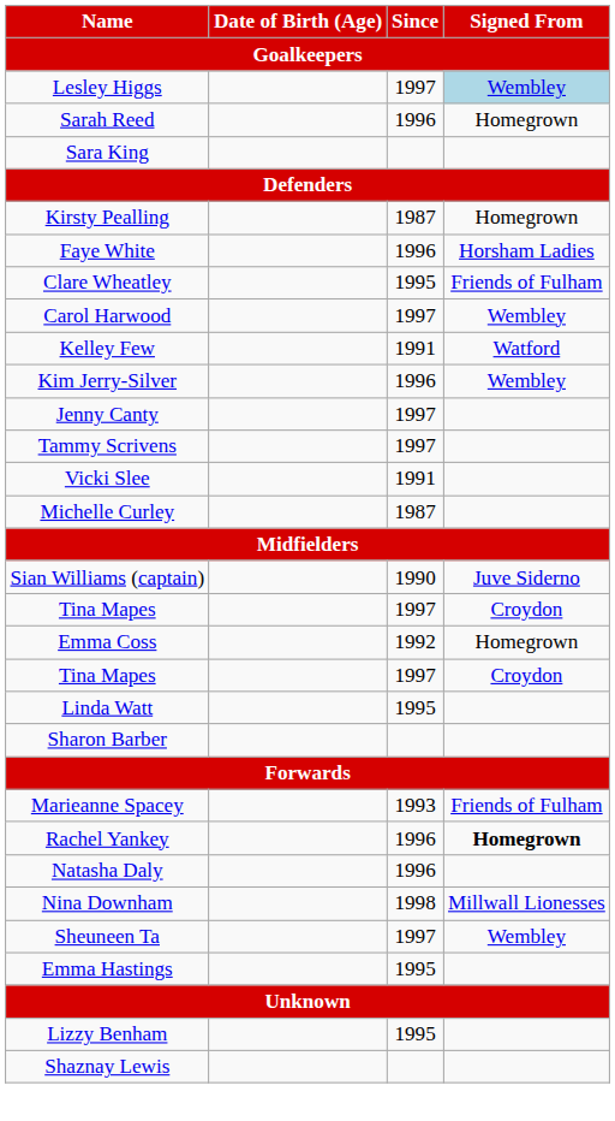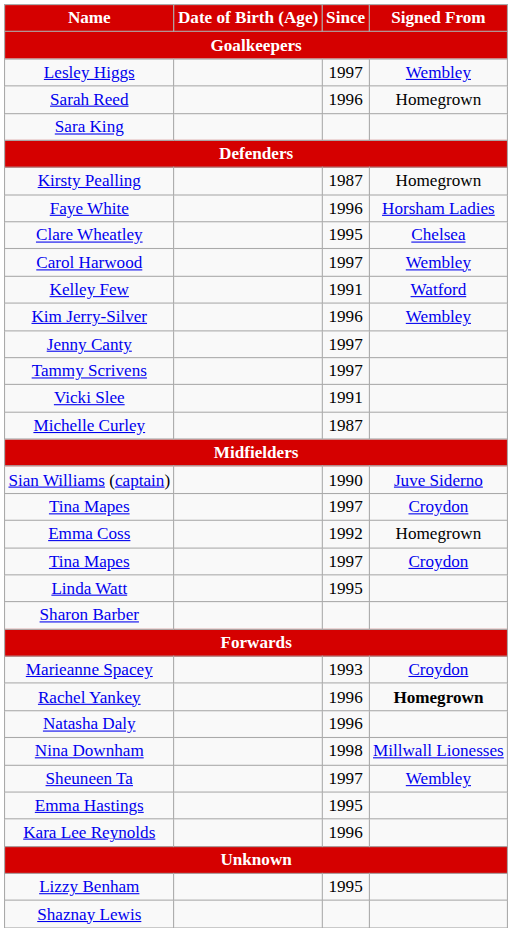 <table class="wikitable" style="text-align:center; font-size:100%; ">
 <tr>
 <th style="background:#d50000; color:white; text-align:center;">Name</th>
 <th style="background:#d50000; color:white; text-align:center;">Date of Birth (Age)</th>
 <th style="background:#d50000; color:white; text-align:center;">Since</th>
 <th style="background:#d50000; color:white; text-align:center;">Signed From</th>
 </tr>
 <tr>
 <th style="background:#d50000; color:white; text-align:center;" colspan="4">Goalkeepers</th>
 </tr>
 <tr>
 <td> <a href='#'>Lesley Higgs</a></td>
 <td></td>
 <td>1997</td>
-<td style="background: lightblue;"> <a href='#'>Wembley</a></td>
+<td> <a href='#'>Wembley</a></td>
 </tr>
 <tr>
 <td> <a href='#'>Sarah Reed</a></td>
 <td></td>
 <td>1996</td>
 <td>Homegrown</td>
 </tr>
 <tr>
 <td><a href='#'>Sara King</a></td>
 <td></td>
 <td></td>
 <td></td>
 </tr>
 <tr>
 <th style="background:#d50000; color:white; text-align:center;" colspan="4">Defenders</th>
 </tr>
 <tr>
 <td> <a href='#'>Kirsty Pealling</a></td>
 <td></td>
 <td>1987</td>
 <td>Homegrown</td>
 </tr>
 <tr>
 <td> <a href='#'>Faye White</a></td>
 <td></td>
 <td>1996</td>
 <td> <a href='#'>Horsham Ladies</a></td>
 </tr>
 <tr>
 <td> <a href='#'>Clare Wheatley</a></td>
 <td></td>
 <td>1995</td>
-<td><em></em> <a href='#'>Friends of Fulham</a></td>
+<td> <a href='#'>Chelsea</a></td>
 </tr>
 <tr>
 <td> <a href='#'>Carol Harwood</a></td>
 <td></td>
 <td>1997</td>
 <td> <a href='#'>Wembley</a></td>
 </tr>
 <tr>
 <td> <a href='#'>Kelley Few</a></td>
 <td></td>
 <td>1991</td>
 <td> <a href='#'>Watford</a></td>
 </tr>
 <tr>
 <td> <a href='#'>Kim Jerry-Silver</a></td>
 <td></td>
 <td>1996</td>
 <td> <a href='#'>Wembley</a></td>
 </tr>
 <tr>
 <td> <a href='#'>Jenny Canty</a></td>
 <td></td>
 <td>1997</td>
 <td></td>
 </tr>
 <tr>
 <td> <a href='#'>Tammy Scrivens</a></td>
 <td></td>
 <td>1997</td>
 <td></td>
 </tr>
 <tr>
 <td> <a href='#'>Vicki Slee</a></td>
 <td></td>
 <td>1991</td>
 <td></td>
 </tr>
 <tr>
 <td> <a href='#'>Michelle Curley</a></td>
 <td></td>
 <td>1987</td>
 <td></td>
 </tr>
 <tr>
 <th style="background:#d50000; color:white; text-align:center;" colspan="4">Midfielders</th>
 </tr>
 <tr>
 <td> <a href='#'>Sian Williams</a> (<a href='#'>captain</a>)</td>
 <td></td>
 <td>1990</td>
 <td> <a href='#'>Juve Siderno</a></td>
 </tr>
 <tr>
 <td> <a href='#'>Tina Mapes</a></td>
 <td></td>
 <td>1997</td>
 <td><em></em> <a href='#'>Croydon</a></td>
 </tr>
 <tr>
 <td> <a href='#'>Emma Coss</a></td>
 <td></td>
 <td>1992</td>
 <td>Homegrown</td>
 </tr>
 <tr>
 <td> <a href='#'>Tina Mapes</a></td>
 <td></td>
 <td>1997</td>
 <td><em></em> <a href='#'>Croydon</a></td>
 </tr>
 <tr>
 <td> <a href='#'>Linda Watt</a></td>
 <td></td>
 <td>1995</td>
 <td></td>
 </tr>
 <tr>
 <td> <a href='#'>Sharon Barber</a></td>
 <td></td>
 <td></td>
 <td></td>
 </tr>
 <tr>
 <th style="background:#d50000; color:white; text-align:center;" colspan="4">Forwards</th>
 </tr>
 <tr>
 <td> <a href='#'>Marieanne Spacey</a></td>
 <td></td>
 <td>1993</td>
-<td><em></em> <a href='#'>Friends of Fulham</a></td>
+<td><em></em> <a href='#'>Croydon</a></td>
 </tr>
 <tr>
 <td> <a href='#'>Rachel Yankey</a></td>
 <td></td>
 <td>1996</td>
 <td><strong>Homegrown</strong></td>
 </tr>
 <tr>
 <td> <a href='#'>Natasha Daly</a></td>
 <td></td>
 <td>1996</td>
 <td></td>
 </tr>
 <tr>
 <td> <a href='#'>Nina Downham</a></td>
 <td></td>
 <td>1998</td>
 <td><em></em> <a href='#'>Millwall Lionesses</a></td>
 </tr>
 <tr>
 <td> <a href='#'>Sheuneen Ta</a></td>
 <td></td>
 <td>1997</td>
 <td> <a href='#'>Wembley</a></td>
 </tr>
 <tr>
 <td> <a href='#'>Emma Hastings</a></td>
 <td></td>
 <td>1995</td>
 <td></td>
 </tr>
 <tr>
+<td> <a href='#'>Kara Lee Reynolds</a></td>
+<td></td>
+<td>1996</td>
+<td></td>
+</tr>
+<tr>
 <th style="background:#d50000; color:white; text-align:center;" colspan="4">Unknown</th>
 </tr>
 <tr>
 <td><a href='#'>Lizzy Benham</a></td>
 <td></td>
 <td>1995</td>
 <td></td>
 </tr>
 <tr>
 <td><a href='#'>Shaznay Lewis</a></td>
 <td></td>
 <td></td>
 <td></td>
 </tr>
 </table>
